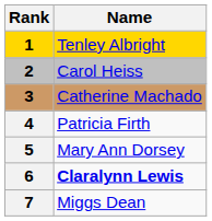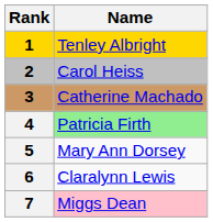 <table class="wikitable">
 <tr>
 <th>Rank</th>
 <th>Name</th>
 </tr>
 <tr bgcolor="gold">
 <td align="center"><strong>1</strong></td>
 <td><a href='#'>Tenley Albright</a></td>
 </tr>
 <tr bgcolor="silver">
 <td align="center"><strong>2</strong></td>
 <td><a href='#'>Carol Heiss</a></td>
 </tr>
 <tr bgcolor="cc9966">
 <td align="center"><strong>3</strong></td>
 <td><a href='#'>Catherine Machado</a></td>
 </tr>
 <tr>
 <th>4</th>
-<td><a href='#'>Patricia Firth</a></td>
+<td style="background: lightgreen;"><a href='#'>Patricia Firth</a></td>
 </tr>
 <tr>
 <th>5</th>
 <td><a href='#'>Mary Ann Dorsey</a></td>
 </tr>
 <tr>
 <th>6</th>
-<td><strong><a href='#'>Claralynn Lewis</a></strong></td>
+<td><a href='#'>Claralynn Lewis</a></td>
 </tr>
 <tr>
 <th>7</th>
-<td><a href='#'>Miggs Dean</a></td>
+<td style="background: pink;"><a href='#'>Miggs Dean</a></td>
 </tr>
 </table>
